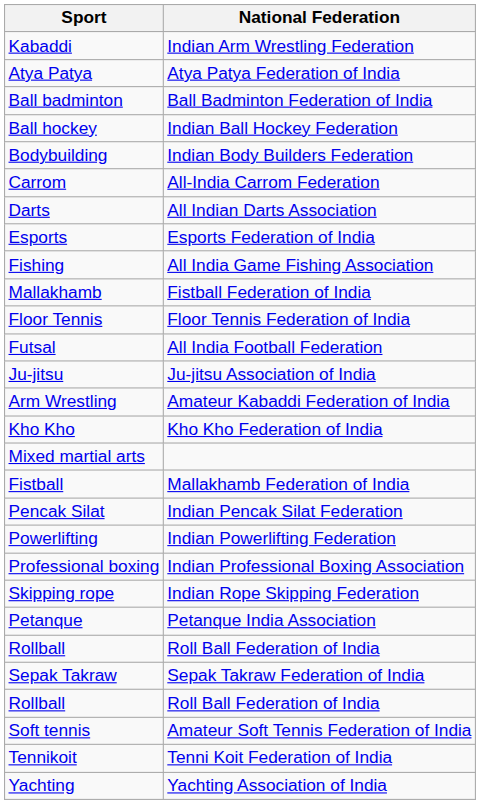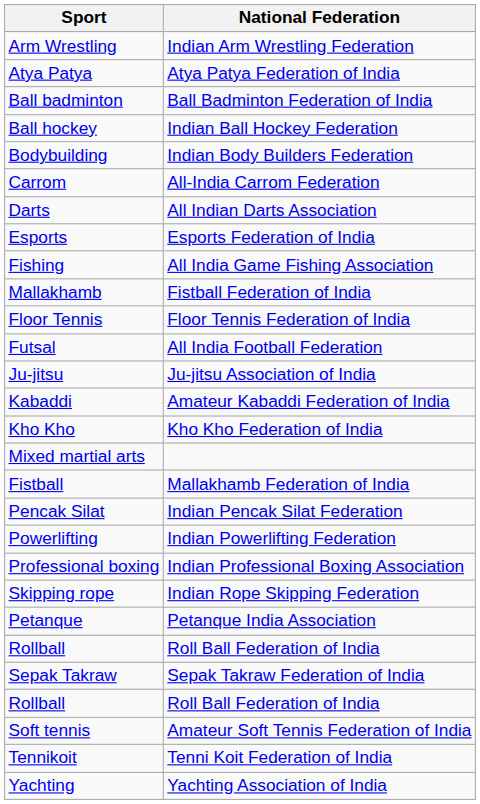 <table class=wikitable>
 <tr>
 <th>Sport</th>
 <th>National Federation</th>
 </tr>
 <tr>
-<td><a href='#'>Kabaddi</a></td>
+<td><a href='#'>Arm Wrestling</a></td>
 <td><a href='#'>Indian Arm Wrestling Federation</a></td>
 </tr>
 <tr>
 <td><a href='#'>Atya Patya</a></td>
 <td><a href='#'>Atya Patya Federation of India</a></td>
 </tr>
 <tr>
 <td><a href='#'>Ball badminton</a></td>
 <td><a href='#'>Ball Badminton Federation of India</a></td>
 </tr>
 <tr>
 <td><a href='#'>Ball hockey</a></td>
 <td><a href='#'>Indian Ball Hockey Federation</a></td>
 </tr>
 <tr>
 <td><a href='#'>Bodybuilding</a></td>
 <td><a href='#'>Indian Body  Builders Federation</a></td>
 </tr>
 <tr>
 <td><a href='#'>Carrom</a></td>
 <td><a href='#'>All-India Carrom Federation</a></td>
 </tr>
 <tr>
 <td><a href='#'>Darts</a></td>
 <td><a href='#'>All Indian Darts Association</a></td>
 </tr>
 <tr>
 <td><a href='#'>Esports</a></td>
 <td><a href='#'>Esports Federation of India</a></td>
 </tr>
 <tr>
 <td><a href='#'>Fishing</a></td>
 <td><a href='#'>All India Game Fishing Association</a></td>
 </tr>
 <tr>
 <td><a href='#'>Mallakhamb</a></td>
 <td><a href='#'>Fistball Federation of India</a></td>
 </tr>
 <tr>
 <td><a href='#'>Floor Tennis</a></td>
 <td><a href='#'>Floor Tennis Federation of India</a></td>
 </tr>
 <tr>
 <td><a href='#'>Futsal</a></td>
 <td><a href='#'>All India Football Federation</a></td>
 </tr>
 <tr>
 <td><a href='#'>Ju-jitsu</a></td>
 <td><a href='#'>Ju-jitsu Association of India</a></td>
 </tr>
 <tr>
-<td><a href='#'>Arm Wrestling</a></td>
+<td><a href='#'>Kabaddi</a></td>
 <td><a href='#'>Amateur Kabaddi Federation of India</a></td>
 </tr>
 <tr>
 <td><a href='#'>Kho Kho</a></td>
 <td><a href='#'>Kho Kho Federation of India</a></td>
 </tr>
 <tr>
 <td><a href='#'>Mixed martial arts</a></td>
 <td></td>
 </tr>
 <tr>
 <td><a href='#'>Fistball</a></td>
 <td><a href='#'>Mallakhamb Federation of India</a></td>
 </tr>
 <tr>
 <td><a href='#'>Pencak Silat</a></td>
 <td><a href='#'>Indian Pencak Silat Federation</a></td>
 </tr>
 <tr>
 <td><a href='#'>Powerlifting</a></td>
 <td><a href='#'>Indian Powerlifting Federation</a></td>
 </tr>
 <tr>
 <td><a href='#'>Professional boxing</a></td>
 <td><a href='#'>Indian Professional Boxing Association</a></td>
 </tr>
 <tr>
 <td><a href='#'>Skipping rope</a></td>
 <td><a href='#'>Indian Rope Skipping Federation</a></td>
 </tr>
 <tr>
 <td><a href='#'>Petanque</a></td>
 <td><a href='#'>Petanque India Association</a></td>
 </tr>
 <tr>
 <td><a href='#'>Rollball</a></td>
 <td><a href='#'>Roll Ball Federation of India</a></td>
 </tr>
 <tr>
 <td><a href='#'>Sepak Takraw</a></td>
 <td><a href='#'>Sepak Takraw Federation of India</a></td>
 </tr>
 <tr>
 <td><a href='#'>Rollball</a></td>
 <td><a href='#'>Roll Ball Federation of India</a></td>
 </tr>
 <tr>
 <td><a href='#'>Soft tennis</a></td>
 <td><a href='#'>Amateur Soft Tennis Federation of India</a></td>
 </tr>
 <tr>
 <td><a href='#'>Tennikoit</a></td>
 <td><a href='#'>Tenni Koit Federation of India</a></td>
 </tr>
 <tr>
 <td><a href='#'>Yachting</a></td>
 <td><a href='#'>Yachting Association of India</a></td>
 </tr>
 </table>
